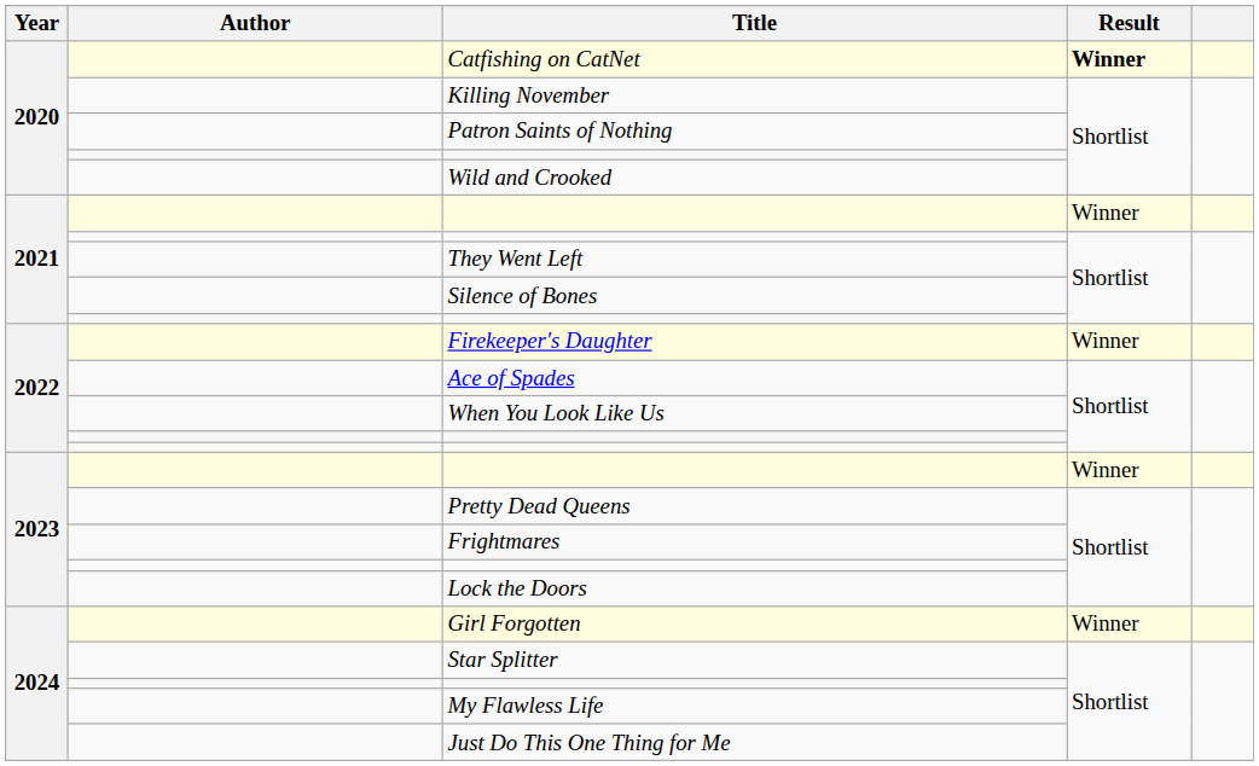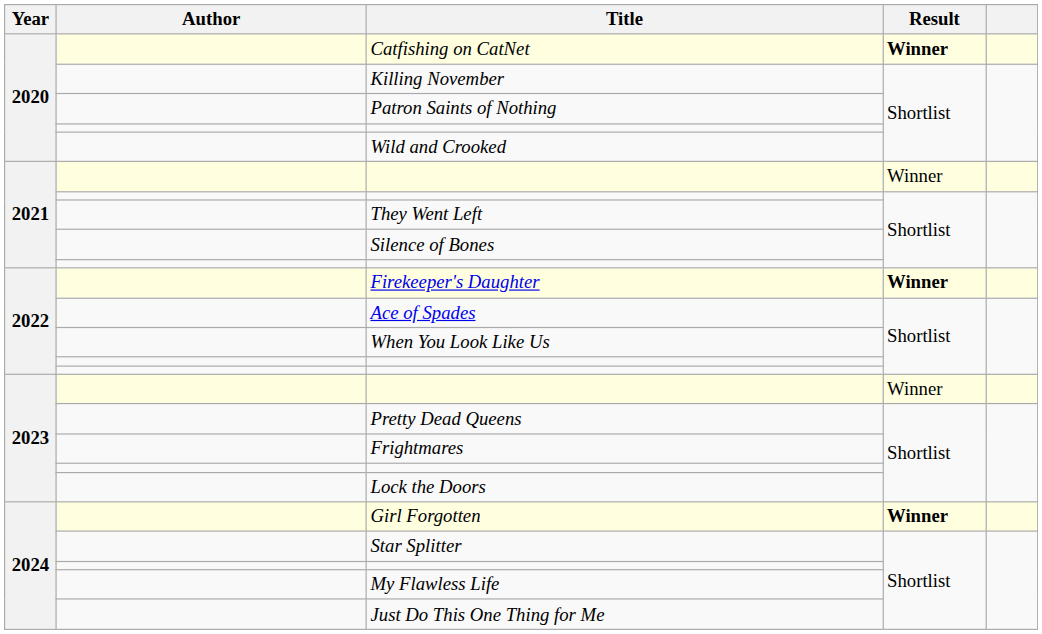 <table class="wikitable sortable mw-collapsible" style="width:100%" style="width:100%">
 <tr>
 <th scope="col" width="5%">Year</th>
 <th scope="col" width="30%">Author</th>
 <th scope="col" width="50%">Title</th>
 <th scope="col" width="10%">Result</th>
 <th scope="col" width="5%"></th>
 </tr>
 <tr style="background:lightyellow;">
 <th rowspan="5">2020</th>
 <td></td>
 <td><em>Catfishing on CatNet</em></td>
 <td><strong>Winner</strong></td>
 <td></td>
 </tr>
 <tr>
 <td></td>
 <td><em>Killing November</em></td>
 <td rowspan="4">Shortlist</td>
 <td rowspan="4"></td>
 </tr>
 <tr>
 <td></td>
 <td><em>Patron Saints of Nothing</em></td>
 </tr>
 <tr>
 <td></td>
 <td><em></em></td>
 </tr>
 <tr>
 <td></td>
 <td><em>Wild and Crooked</em></td>
 </tr>
 <tr style="background:lightyellow;">
 <th rowspan="5">2021</th>
 <td></td>
 <td><em></em></td>
 <td>Winner</td>
 <td><strong></strong></td>
 </tr>
 <tr>
 <td></td>
 <td><em></em></td>
 <td rowspan="4">Shortlist</td>
 <td rowspan="4"></td>
 </tr>
 <tr>
 <td></td>
 <td><em>They Went Left</em></td>
 </tr>
 <tr>
 <td></td>
 <td><em>Silence of Bones</em></td>
 </tr>
 <tr>
 <td></td>
 <td><em></em></td>
 </tr>
 <tr style="background:lightyellow;">
 <th rowspan="5">2022</th>
 <td></td>
 <td><em><a href='#'>Firekeeper's Daughter</a></em></td>
-<td>Winner</td>
+<td><strong>Winner</strong></td>
 <td><strong></strong></td>
 </tr>
 <tr>
 <td></td>
 <td><em><a href='#'>Ace of Spades</a></em></td>
 <td rowspan="4">Shortlist</td>
 <td rowspan="4"></td>
 </tr>
 <tr>
 <td></td>
 <td><em>When You Look Like Us</em></td>
 </tr>
 <tr>
 <td></td>
 <td><em></em></td>
 </tr>
 <tr>
 <td></td>
 <td><em></em></td>
 </tr>
 <tr style="background:lightyellow;">
 <th rowspan="5">2023</th>
 <td></td>
 <td><em></em></td>
 <td>Winner</td>
 <td></td>
 </tr>
 <tr>
 <td></td>
 <td><em>Pretty Dead Queens</em></td>
 <td rowspan="4">Shortlist</td>
 <td rowspan="4"></td>
 </tr>
 <tr>
 <td></td>
 <td><em>Frightmares</em></td>
 </tr>
 <tr>
 <td></td>
 <td><em></em></td>
 </tr>
 <tr>
 <td></td>
 <td><em>Lock the Doors</em></td>
 </tr>
 <tr style="background:lightyellow;">
 <th rowspan="5">2024</th>
 <td></td>
 <td><em>Girl Forgotten</em></td>
-<td>Winner</td>
+<td><strong>Winner</strong></td>
 <td></td>
 </tr>
 <tr>
 <td></td>
 <td><em>Star Splitter</em></td>
 <td rowspan="4">Shortlist</td>
 <td rowspan="4"></td>
 </tr>
 <tr>
 <td></td>
 <td></td>
 </tr>
 <tr>
 <td></td>
 <td><em>My Flawless Life</em></td>
 </tr>
 <tr>
 <td></td>
 <td><em>Just Do This One Thing for Me</em></td>
 </tr>
 </table>
